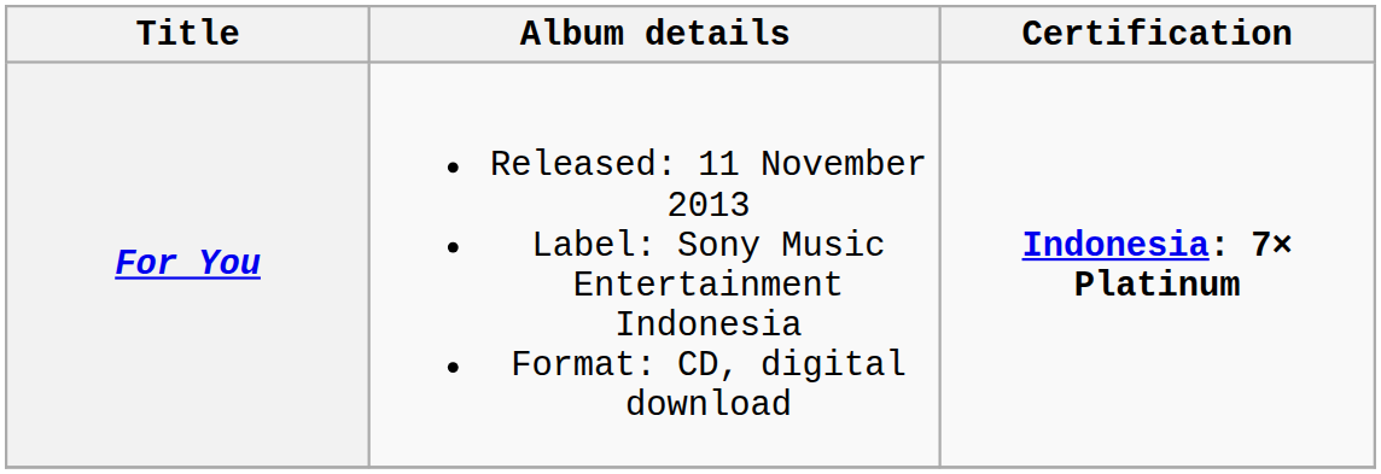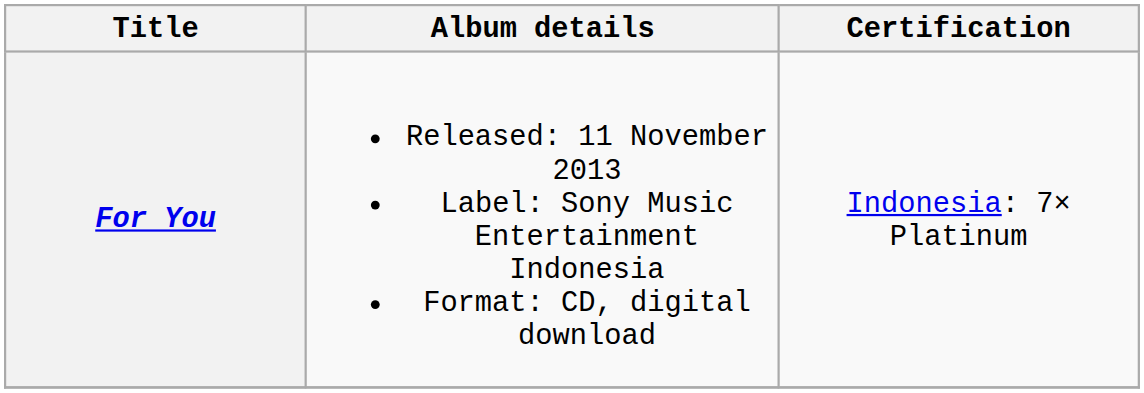 <table class="wikitable plainrowheaders" style="text-align:center;">
 <tr>
 <th scope="col" style="width:10em;">Title</th>
 <th scope="col" style="width:16em;">Album details</th>
 <th scope="col" style="width:12em;">Certification</th>
 </tr>
 <tr>
 <th scope="row"><em><a href='#'>For You</a></em></th>
 <td><br><ul><li>Released: 11 November 2013</li><li>Label: Sony Music Entertainment Indonesia</li><li>Format: CD, digital download</li></ul></td>
-<td><strong><a href='#'>Indonesia</a>: 7× Platinum</strong></td>
+<td><a href='#'>Indonesia</a>: 7× Platinum</td>
 </tr>
 <tr>
 </tr>
 </table>
